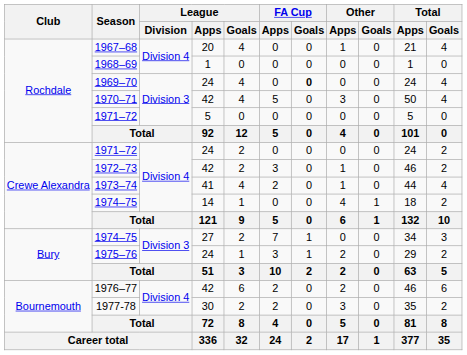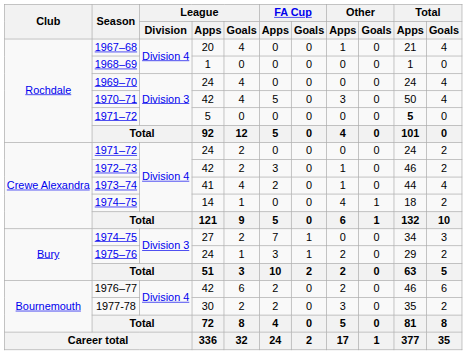 <table class="wikitable" style="text-align: center">
 <tr>
 <th rowspan="2">Club</th>
 <th rowspan="2">Season</th>
 <th colspan="3">League</th>
 <th colspan="2"><a href='#'>FA Cup</a></th>
 <th colspan="2">Other</th>
 <th colspan="2">Total</th>
 </tr>
 <tr>
 <th>Division</th>
 <th>Apps</th>
 <th>Goals</th>
 <th>Apps</th>
 <th>Goals</th>
 <th>Apps</th>
 <th>Goals</th>
 <th>Apps</th>
 <th>Goals</th>
 </tr>
 <tr>
 <td rowspan="6"><a href='#'>Rochdale</a></td>
 <td><a href='#'>1967–68</a></td>
 <td rowspan="2"><a href='#'>Division 4</a></td>
 <td>20</td>
 <td>4</td>
 <td>0</td>
 <td>0</td>
 <td>1</td>
 <td>0</td>
 <td>21</td>
 <td>4</td>
 </tr>
 <tr>
 <td><a href='#'>1968–69</a></td>
 <td>1</td>
 <td>0</td>
 <td>0</td>
 <td>0</td>
 <td>0</td>
 <td>0</td>
 <td>1</td>
 <td>0</td>
 </tr>
 <tr>
 <td><a href='#'>1969–70</a></td>
 <td rowspan="3"><a href='#'>Division 3</a></td>
 <td>24</td>
 <td>4</td>
 <td>0</td>
-<td><strong>0</strong></td>
+<td>0</td>
 <td>0</td>
 <td>0</td>
 <td>24</td>
 <td>4</td>
 </tr>
 <tr>
 <td><a href='#'>1970–71</a></td>
 <td>42</td>
 <td>4</td>
 <td>5</td>
 <td>0</td>
 <td>3</td>
 <td>0</td>
 <td>50</td>
 <td>4</td>
 </tr>
 <tr>
 <td><a href='#'>1971–72</a></td>
 <td>5</td>
 <td>0</td>
 <td>0</td>
 <td>0</td>
 <td>0</td>
 <td>0</td>
-<td>5</td>
+<td><strong>5</strong></td>
 <td>0</td>
 </tr>
 <tr>
 <th colspan="2">Total</th>
 <th>92</th>
 <th>12</th>
 <th>5</th>
 <th>0</th>
 <th>4</th>
 <th>0</th>
 <th>101</th>
 <th>0</th>
 </tr>
 <tr>
 <td rowspan="5"><a href='#'>Crewe Alexandra</a></td>
 <td><a href='#'>1971–72</a></td>
 <td rowspan="4"><a href='#'>Division 4</a></td>
 <td>24</td>
 <td>2</td>
 <td>0</td>
 <td>0</td>
 <td>0</td>
 <td>0</td>
 <td>24</td>
 <td>2</td>
 </tr>
 <tr>
 <td><a href='#'>1972–73</a></td>
 <td>42</td>
 <td>2</td>
 <td>3</td>
 <td>0</td>
 <td>1</td>
 <td>0</td>
 <td>46</td>
 <td>2</td>
 </tr>
 <tr>
 <td><a href='#'>1973–74</a></td>
 <td>41</td>
 <td>4</td>
 <td>2</td>
 <td>0</td>
 <td>1</td>
 <td>0</td>
 <td>44</td>
 <td>4</td>
 </tr>
 <tr>
 <td><a href='#'>1974–75</a></td>
 <td>14</td>
 <td>1</td>
 <td>0</td>
 <td>0</td>
 <td>4</td>
 <td>1</td>
 <td>18</td>
 <td>2</td>
 </tr>
 <tr>
 <th colspan="2">Total</th>
 <th>121</th>
 <th>9</th>
 <th>5</th>
 <th>0</th>
 <th>6</th>
 <th>1</th>
 <th>132</th>
 <th>10</th>
 </tr>
 <tr>
 <td rowspan="3"><a href='#'>Bury</a></td>
 <td><a href='#'>1974–75</a></td>
 <td rowspan="2"><a href='#'>Division 3</a></td>
 <td>27</td>
 <td>2</td>
 <td>7</td>
 <td>1</td>
 <td>0</td>
 <td>0</td>
 <td>34</td>
 <td>3</td>
 </tr>
 <tr>
 <td><a href='#'>1975–76</a></td>
 <td>24</td>
 <td>1</td>
 <td>3</td>
 <td>1</td>
 <td>2</td>
 <td>0</td>
 <td>29</td>
 <td>2</td>
 </tr>
 <tr>
 <th colspan="2">Total</th>
 <th>51</th>
 <th>3</th>
 <th>10</th>
 <th>2</th>
 <th>2</th>
 <th>0</th>
 <th>63</th>
 <th>5</th>
 </tr>
 <tr>
 <td rowspan="3"><a href='#'>Bournemouth</a></td>
 <td>1976–77</td>
 <td rowspan="2"><a href='#'>Division 4</a></td>
 <td>42</td>
 <td>6</td>
 <td>2</td>
 <td>0</td>
 <td>2</td>
 <td>0</td>
 <td>46</td>
 <td>6</td>
 </tr>
 <tr>
 <td>1977-78</td>
 <td>30</td>
 <td>2</td>
 <td>2</td>
 <td>0</td>
 <td>3</td>
 <td>0</td>
 <td>35</td>
 <td>2</td>
 </tr>
 <tr>
 <th colspan="2">Total</th>
 <th>72</th>
 <th>8</th>
 <th>4</th>
 <th>0</th>
 <th>5</th>
 <th>0</th>
 <th>81</th>
 <th>8</th>
 </tr>
 <tr>
 <th colspan="3">Career total</th>
 <th>336</th>
 <th>32</th>
 <th>24</th>
 <th>2</th>
 <th>17</th>
 <th>1</th>
 <th>377</th>
 <th>35</th>
 </tr>
 </table>
